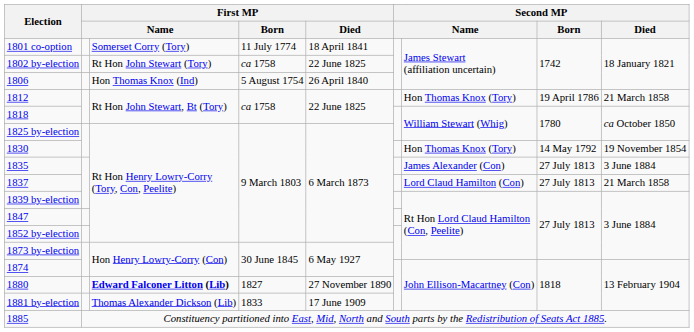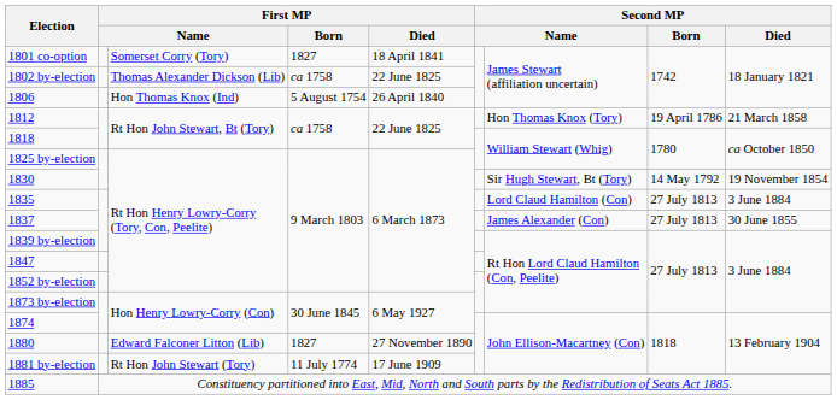 <table class="wikitable">
 <tr>
 <th rowspan="2">Election</th>
 <th colspan="4">First MP</th>
 <th colspan="4">Second MP</th>
 </tr>
 <tr>
 <th colspan="2">Name</th>
 <th>Born</th>
 <th>Died</th>
 <th colspan="2">Name</th>
 <th>Born</th>
 <th>Died</th>
 </tr>
 <tr>
 <td><a href='#'>1801 co-option</a></td>
 <td style="color:inherit;background: "> </td>
 <td><a href='#'>Somerset Corry</a> (<a href='#'>Tory</a>)</td>
-<td>11 July 1774</td>
+<td>1827</td>
 <td>18 April 1841</td>
 <td rowspan="3"></td>
 <td rowspan="3"><a href='#'>James Stewart</a><br>(affiliation uncertain)</td>
 <td rowspan="3">1742</td>
 <td rowspan="3">18 January 1821</td>
 </tr>
 <tr>
 <td><a href='#'>1802 by-election</a></td>
 <td style="color:inherit;background: "> </td>
-<td>Rt Hon <a href='#'>John Stewart</a> (<a href='#'>Tory</a>)</td>
+<td><a href='#'>Thomas Alexander Dickson</a> (<a href='#'>Lib</a>)</td>
 <td><em>ca</em> 1758</td>
 <td>22 June 1825</td>
 </tr>
 <tr>
 <td><a href='#'>1806</a></td>
 <td style="color:inherit;background: "> </td>
 <td>Hon <a href='#'>Thomas Knox</a> (<a href='#'>Ind</a>)</td>
 <td>5 August 1754</td>
 <td>26 April 1840</td>
 </tr>
 <tr>
 <td><a href='#'>1812</a></td>
 <td rowspan="2" style="color:inherit;background: "> </td>
 <td rowspan="2">Rt Hon <a href='#'>John Stewart</a>, <a href='#'>Bt</a> (<a href='#'>Tory</a>)</td>
 <td rowspan="2"><em>ca</em> 1758</td>
 <td rowspan="2">22 June 1825</td>
 <td style="color:inherit;background: "> </td>
 <td>Hon <a href='#'>Thomas Knox</a> (<a href='#'>Tory</a>)</td>
 <td>19 April 1786</td>
 <td>21 March 1858</td>
 </tr>
 <tr>
 <td><a href='#'>1818</a></td>
 <td rowspan="2" style="color:inherit;background: "> </td>
 <td rowspan="2"><a href='#'>William Stewart</a> (<a href='#'>Whig</a>)</td>
 <td rowspan="2">1780</td>
 <td rowspan="2"><em>ca</em> October 1850</td>
 </tr>
 <tr>
 <td><a href='#'>1825 by-election</a></td>
 <td rowspan="2" style="color:inherit;background: "> </td>
 <td rowspan="7">Rt Hon <a href='#'>Henry Lowry-Corry</a><br>(<a href='#'>Tory</a>, <a href='#'>Con</a>, <a href='#'>Peelite</a>)</td>
 <td rowspan="7">9 March 1803</td>
 <td rowspan="7">6 March 1873</td>
 </tr>
 <tr>
 <td><a href='#'>1830</a></td>
 <td style="color:inherit;background: "> </td>
-<td>Hon <a href='#'>Thomas Knox</a> (<a href='#'>Tory</a>)</td>
+<td>Sir <a href='#'>Hugh Stewart</a>, Bt (<a href='#'>Tory</a>)</td>
 <td>14 May 1792</td>
 <td>19 November 1854</td>
 </tr>
 <tr>
 <td><a href='#'>1835</a></td>
 <td rowspan="3" style="color:inherit;background: "> </td>
 <td style="color:inherit;background: "> </td>
-<td><a href='#'>James Alexander</a> (<a href='#'>Con</a>)</td>
+<td><a href='#'>Lord Claud Hamilton</a> (<a href='#'>Con</a>)</td>
 <td>27 July 1813</td>
 <td>3 June 1884</td>
 </tr>
 <tr>
 <td><a href='#'>1837</a></td>
 <td style="color:inherit;background: "> </td>
-<td><a href='#'>Lord Claud Hamilton</a> (<a href='#'>Con</a>)</td>
+<td><a href='#'>James Alexander</a> (<a href='#'>Con</a>)</td>
 <td>27 July 1813</td>
-<td>21 March 1858</td>
+<td>30 June 1855</td>
 </tr>
 <tr>
 <td><a href='#'>1839 by-election</a></td>
 <td style="color:inherit;background: "> </td>
 <td rowspan="4">Rt Hon <a href='#'>Lord Claud Hamilton</a><br>(<a href='#'>Con</a>, <a href='#'>Peelite</a>)</td>
 <td rowspan="4">27 July 1813</td>
 <td rowspan="4">3 June 1884</td>
 </tr>
 <tr>
 <td><a href='#'>1847</a></td>
 <td style="color:inherit;background: "> </td>
 <td style="color:inherit;background: "> </td>
 </tr>
 <tr>
 <td><a href='#'>1852 by-election</a></td>
 <td style="color:inherit;background: "> </td>
 <td rowspan="2" style="color:inherit;background: "> </td>
 </tr>
 <tr>
 <td><a href='#'>1873 by-election</a></td>
 <td rowspan="2" style="color:inherit;background: "> </td>
 <td rowspan="2">Hon <a href='#'>Henry Lowry-Corry</a> (<a href='#'>Con</a>)</td>
 <td rowspan="2">30 June 1845</td>
 <td rowspan="2">6 May 1927</td>
 </tr>
 <tr>
 <td><a href='#'>1874</a></td>
 <td rowspan="3" style="color:inherit;background: "> </td>
 <td rowspan="3"><a href='#'>John Ellison-Macartney</a> (<a href='#'>Con</a>)</td>
 <td rowspan="3">1818</td>
 <td rowspan="3">13 February 1904</td>
 </tr>
 <tr>
 <td><a href='#'>1880</a></td>
 <td style="color:inherit;background: "> </td>
-<td><strong><a href='#'>Edward Falconer Litton</a> (<a href='#'>Lib</a>)</strong></td>
+<td><a href='#'>Edward Falconer Litton</a> (<a href='#'>Lib</a>)</td>
 <td>1827</td>
 <td>27 November 1890</td>
 </tr>
 <tr>
 <td><a href='#'>1881 by-election</a></td>
 <td style="color:inherit;background: "> </td>
-<td><a href='#'>Thomas Alexander Dickson</a> (<a href='#'>Lib</a>)</td>
-<td>1833</td>
+<td>Rt Hon <a href='#'>John Stewart</a> (<a href='#'>Tory</a>)</td>
+<td>11 July 1774</td>
 <td>17 June 1909</td>
 </tr>
 <tr>
 <td><a href='#'>1885</a></td>
 <td colspan="8" style="text-align: center;"><em>Constituency partitioned into <a href='#'>East</a>, <a href='#'>Mid</a>, <a href='#'>North</a> and <a href='#'>South</a> parts by the <a href='#'>Redistribution of Seats Act 1885</a>.</em></td>
 </tr>
 </table>
